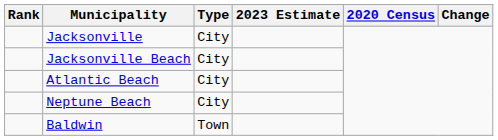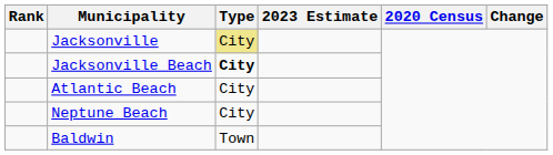 <table class="wikitable">
 <tr>
 <th>Rank</th>
 <th>Municipality</th>
 <th>Type</th>
 <th>2023 Estimate</th>
 <th><a href='#'>2020 Census</a></th>
 <th>Change</th>
 </tr>
 <tr>
 <td align=center></td>
 <td><a href='#'>Jacksonville</a></td>
-<td>City</td>
+<td style="background: khaki;">City</td>
 <td></td>
 </tr>
 <tr>
 <td align=center></td>
 <td><a href='#'>Jacksonville Beach</a></td>
-<td>City</td>
+<td><strong>City</strong></td>
 <td></td>
 </tr>
 <tr>
 <td align=center></td>
 <td><a href='#'>Atlantic Beach</a></td>
 <td>City</td>
 <td></td>
 </tr>
 <tr>
 <td align=center></td>
 <td><a href='#'>Neptune Beach</a></td>
 <td>City</td>
 <td></td>
 </tr>
 <tr>
 <td align=center></td>
 <td><a href='#'>Baldwin</a></td>
 <td>Town</td>
 <td></td>
 </tr>
 </table>
